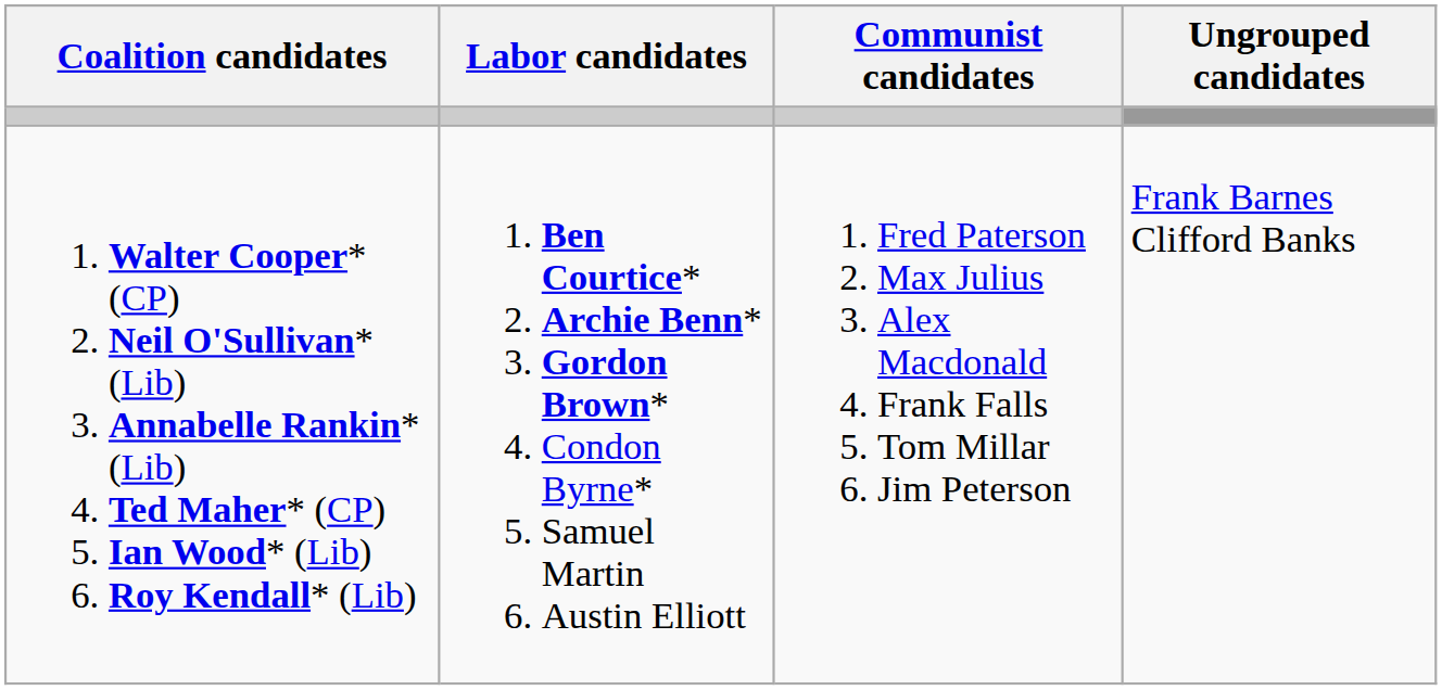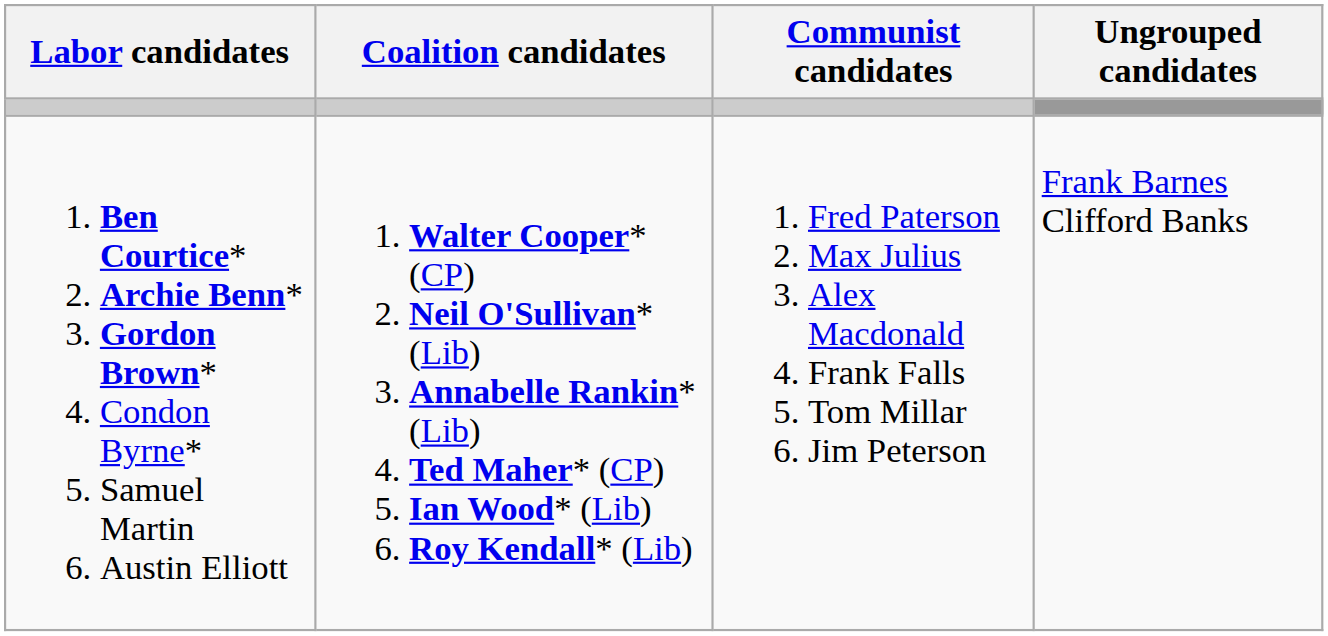 <table class="wikitable">
 <tr>
+<th><a href='#'>Labor</a> candidates</th>
 <th><a href='#'>Coalition</a> candidates</th>
-<th><a href='#'>Labor</a> candidates</th>
 <th><a href='#'>Communist</a> candidates</th>
 <th>Ungrouped candidates</th>
 </tr>
 <tr bgcolor="#cccccc">
 <td></td>
 <td></td>
 <td></td>
 <td bgcolor="#999999"></td>
 </tr>
 <tr>
+<td><br><ol><li><strong><a href='#'>Ben Courtice</a></strong>*</li><li><strong><a href='#'>Archie Benn</a></strong>*</li><li><strong><a href='#'>Gordon Brown</a></strong>*</li><li><a href='#'>Condon Byrne</a>*</li><li>Samuel Martin</li><li>Austin Elliott</li></ol></td>
 <td><br><ol><li><strong><a href='#'>Walter Cooper</a></strong>* (<a href='#'>CP</a>)</li><li><strong><a href='#'>Neil O'Sullivan</a></strong>* (<a href='#'>Lib</a>)</li><li><strong><a href='#'>Annabelle Rankin</a></strong>* (<a href='#'>Lib</a>)</li><li><strong><a href='#'>Ted Maher</a></strong>* (<a href='#'>CP</a>)</li><li><strong><a href='#'>Ian Wood</a></strong>* (<a href='#'>Lib</a>)</li><li><strong><a href='#'>Roy Kendall</a></strong>* (<a href='#'>Lib</a>)</li></ol></td>
-<td><br><ol><li><strong><a href='#'>Ben Courtice</a></strong>*</li><li><strong><a href='#'>Archie Benn</a></strong>*</li><li><strong><a href='#'>Gordon Brown</a></strong>*</li><li><a href='#'>Condon Byrne</a>*</li><li>Samuel Martin</li><li>Austin Elliott</li></ol></td>
 <td valign=top><br><ol><li><a href='#'>Fred Paterson</a></li><li><a href='#'>Max Julius</a></li><li><a href='#'>Alex Macdonald</a></li><li>Frank Falls</li><li>Tom Millar</li><li>Jim Peterson</li></ol></td>
 <td valign=top><br><a href='#'>Frank Barnes</a><br> Clifford Banks</td>
 </tr>
 </table>
